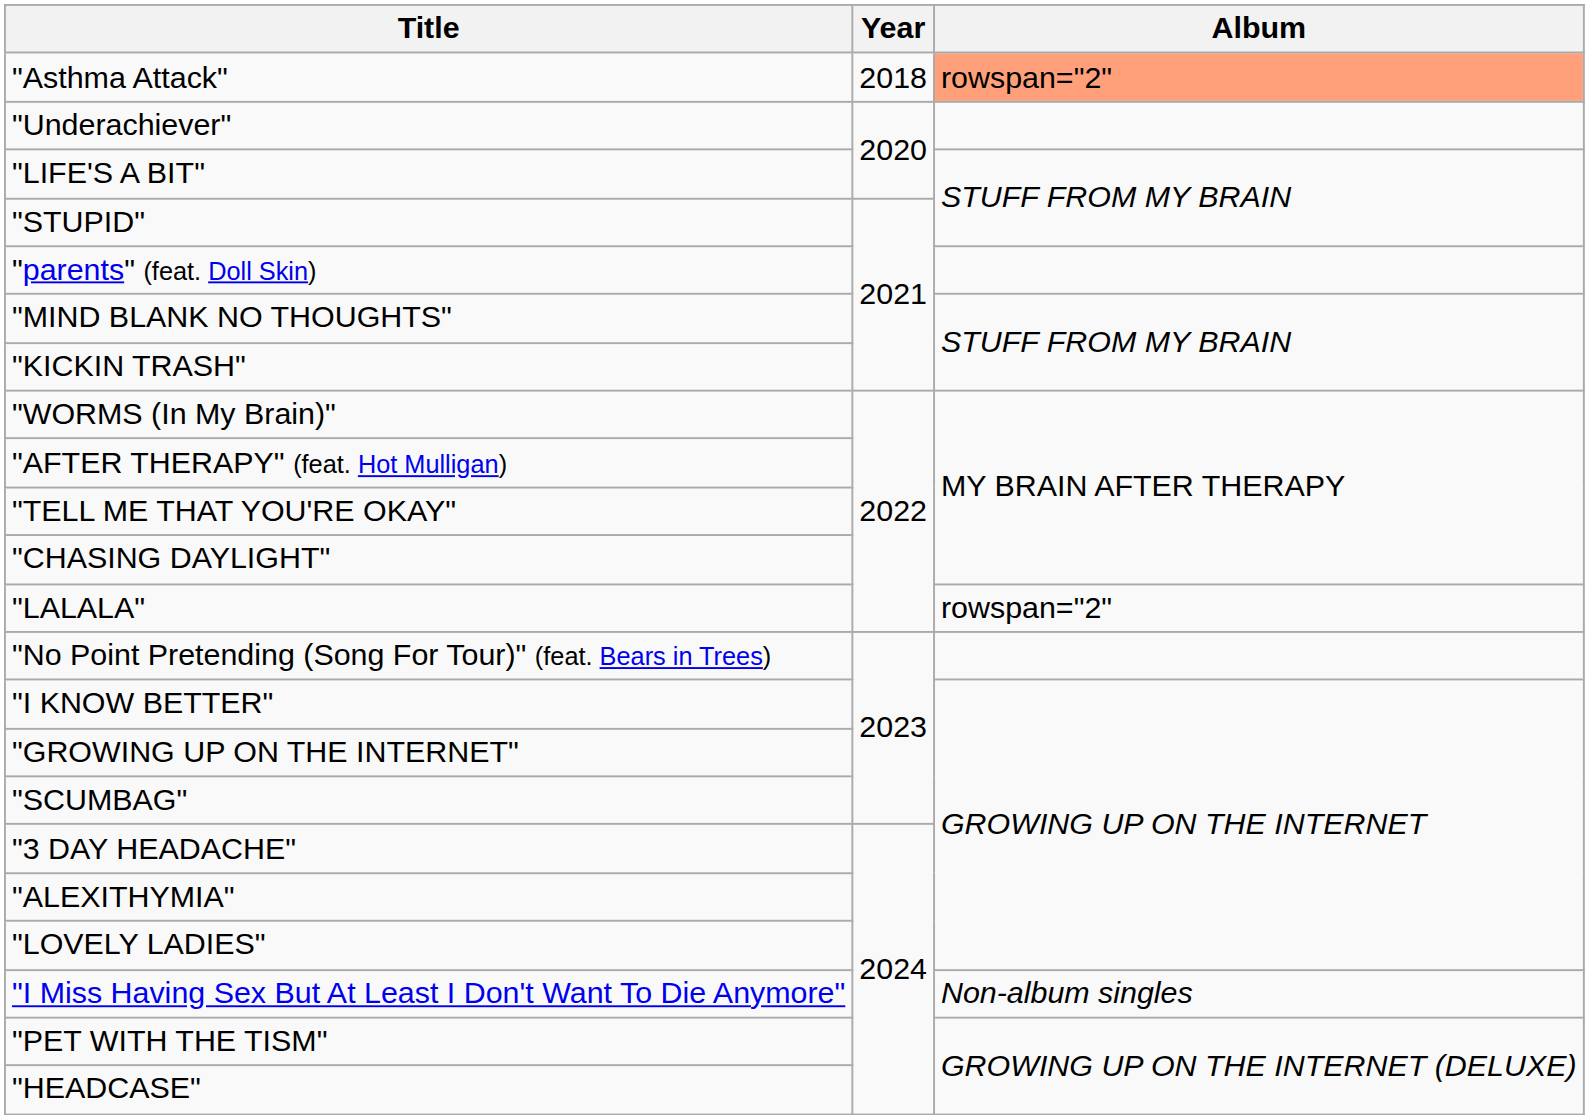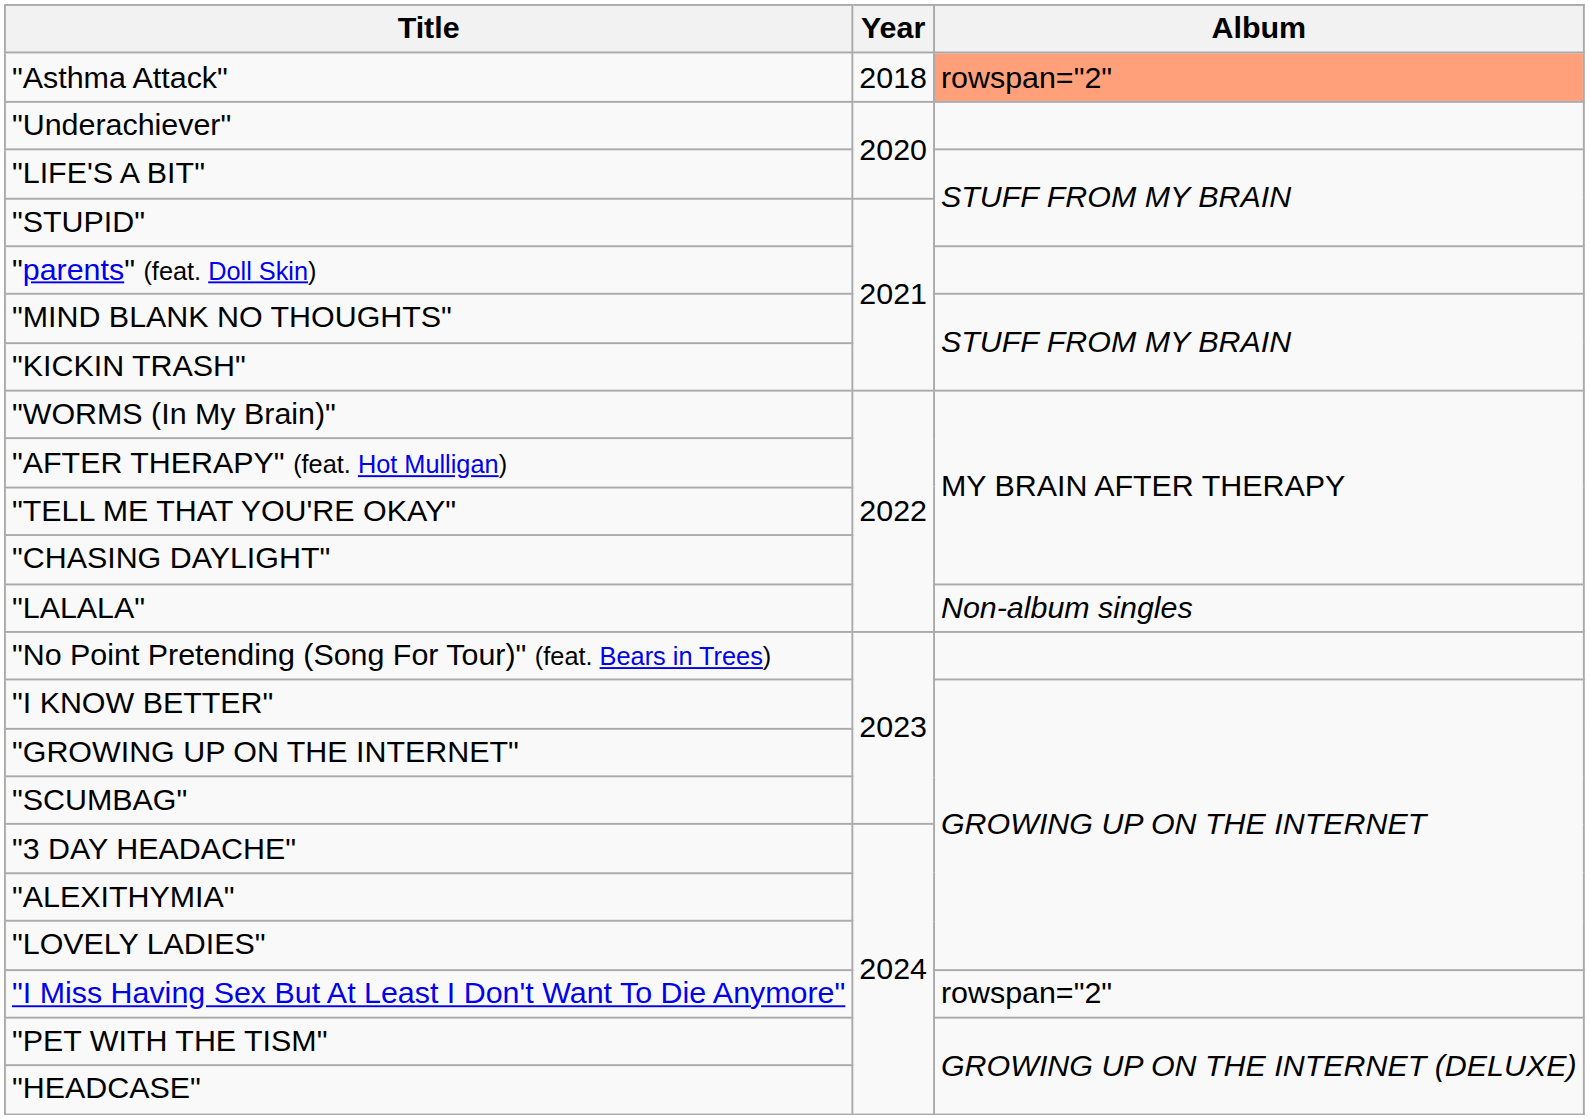 <table class="wikitable">
 <tr>
 <th>Title</th>
 <th>Year</th>
 <th>Album</th>
 </tr>
 <tr>
 <td>"Asthma Attack"</td>
 <td>2018</td>
 <td style="background: lightsalmon;">rowspan="2"  </td>
 </tr>
 <tr>
 <td>"Underachiever"</td>
 <td rowspan="2">2020</td>
 </tr>
 <tr>
 <td>"LIFE'S A BIT"</td>
 <td rowspan="2"><em>STUFF FROM MY BRAIN</em></td>
 </tr>
 <tr>
 <td>"STUPID"</td>
 <td rowspan="4">2021</td>
 </tr>
 <tr>
 <td>"<a href='#'>parents</a>" <small>(feat. <a href='#'>Doll Skin</a>)</small></td>
 <td></td>
 </tr>
 <tr>
 <td>"MIND BLANK NO THOUGHTS"</td>
 <td rowspan="2"><em>STUFF FROM MY BRAIN</em></td>
 </tr>
 <tr>
 <td>"KICKIN TRASH"</td>
 </tr>
 <tr>
 <td>"WORMS (In My Brain)"</td>
 <td rowspan="5">2022</td>
 <td rowspan="4">MY BRAIN AFTER THERAPY</td>
 </tr>
 <tr>
 <td>"AFTER THERAPY" <small>(feat. <a href='#'>Hot Mulligan</a>)</small></td>
 </tr>
 <tr>
 <td>"TELL ME THAT YOU'RE OKAY"</td>
 </tr>
 <tr>
 <td>"CHASING DAYLIGHT"</td>
 </tr>
 <tr>
 <td>"LALALA"</td>
-<td>rowspan="2"  </td>
+<td><em>Non-album singles</em></td>
 </tr>
 <tr>
 <td>"No Point Pretending (Song For Tour)" <small>(feat. <a href='#'>Bears in Trees</a>)</small></td>
 <td rowspan="4">2023</td>
 </tr>
 <tr>
 <td>"I KNOW BETTER"</td>
 <td rowspan="6"><em>GROWING UP ON THE INTERNET</em></td>
 </tr>
 <tr>
 <td>"GROWING UP ON THE INTERNET"</td>
 </tr>
 <tr>
 <td>"SCUMBAG"</td>
 </tr>
 <tr>
 <td>"3 DAY HEADACHE"</td>
 <td rowspan="6">2024</td>
 </tr>
 <tr>
 <td>"ALEXITHYMIA"</td>
 </tr>
 <tr>
 <td>"LOVELY LADIES"</td>
 </tr>
 <tr>
 <td><a href='#'>"I Miss Having Sex But At Least I Don't Want To Die Anymore"</a></td>
-<td><em>Non-album singles</em></td>
+<td>rowspan="2"  </td>
 </tr>
 <tr>
 <td>"PET WITH THE TISM"</td>
 <td rowspan="2"><em>GROWING UP ON THE INTERNET (DELUXE)</em></td>
 </tr>
 <tr>
 <td>"HEADCASE"</td>
 </tr>
 </table>
